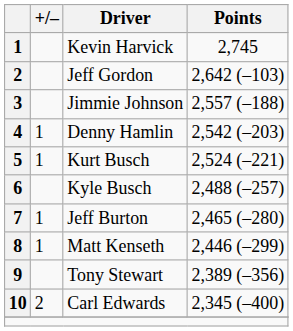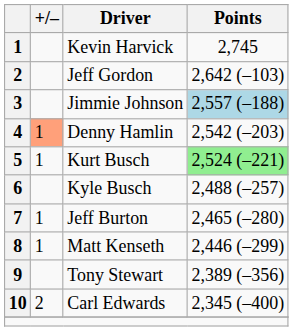 <table class="wikitable">
 <tr>
 <th scope="col"></th>
 <th scope="col">+/–</th>
 <th scope="col">Driver</th>
 <th scope="col">Points</th>
 </tr>
 <tr>
 <th scope="row"><strong>1</strong></th>
 <td align="left"></td>
 <td>Kevin Harvick</td>
 <td style="text-align:center;">2,745</td>
 </tr>
 <tr>
 <th scope="row"><strong>2</strong></th>
 <td align="left"></td>
 <td>Jeff Gordon</td>
 <td style="text-align:center;">2,642 (–103)</td>
 </tr>
 <tr>
 <th scope="row"><strong>3</strong></th>
 <td align="left"></td>
 <td>Jimmie Johnson</td>
-<td style="text-align:center;">2,557 (–188)</td>
+<td style="background: lightblue; text-align:center;">2,557 (–188)</td>
 </tr>
 <tr>
 <th scope="row"><strong>4</strong></th>
-<td align="left"> 1</td>
+<td align="left" style="background: lightsalmon;"> 1</td>
 <td>Denny Hamlin</td>
 <td style="text-align:center;">2,542 (–203)</td>
 </tr>
 <tr>
 <th scope="row"><strong>5</strong></th>
 <td align="left"> 1</td>
 <td>Kurt Busch</td>
-<td style="text-align:center;">2,524 (–221)</td>
+<td style="background: lightgreen; text-align:center;">2,524 (–221)</td>
 </tr>
 <tr>
 <th scope="row"><strong>6</strong></th>
 <td align="left"></td>
 <td>Kyle Busch</td>
 <td style="text-align:center;">2,488 (–257)</td>
 </tr>
 <tr>
 <th scope="row"><strong>7</strong></th>
 <td align="left"> 1</td>
 <td>Jeff Burton</td>
 <td style="text-align:center;">2,465 (–280)</td>
 </tr>
 <tr>
 <th scope="row"><strong>8</strong></th>
 <td align="left"> 1</td>
 <td>Matt Kenseth</td>
 <td style="text-align:center;">2,446 (–299)</td>
 </tr>
 <tr>
 <th scope="row"><strong>9</strong></th>
 <td align="left"></td>
 <td>Tony Stewart</td>
 <td style="text-align:center;">2,389 (–356)</td>
 </tr>
 <tr>
 <th scope="row"><strong>10</strong></th>
 <td align="left"> 2</td>
 <td>Carl Edwards</td>
 <td style="text-align:center;">2,345 (–400)</td>
 </tr>
 <tr>
 </tr>
 <tr class="sortbottom">
 <td colspan="9"></td>
 </tr>
 </table>
